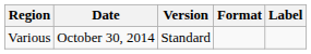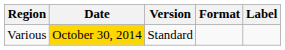 <table class="wikitable">
 <tr>
 <th>Region</th>
 <th>Date</th>
 <th>Version</th>
 <th>Format</th>
 <th>Label</th>
 </tr>
 <tr>
 <td>Various</td>
-<td>October 30, 2014</td>
+<td style="background: gold;">October 30, 2014</td>
 <td rowspan="2">Standard</td>
 <td></td>
 <td></td>
 </tr>
 </table>
